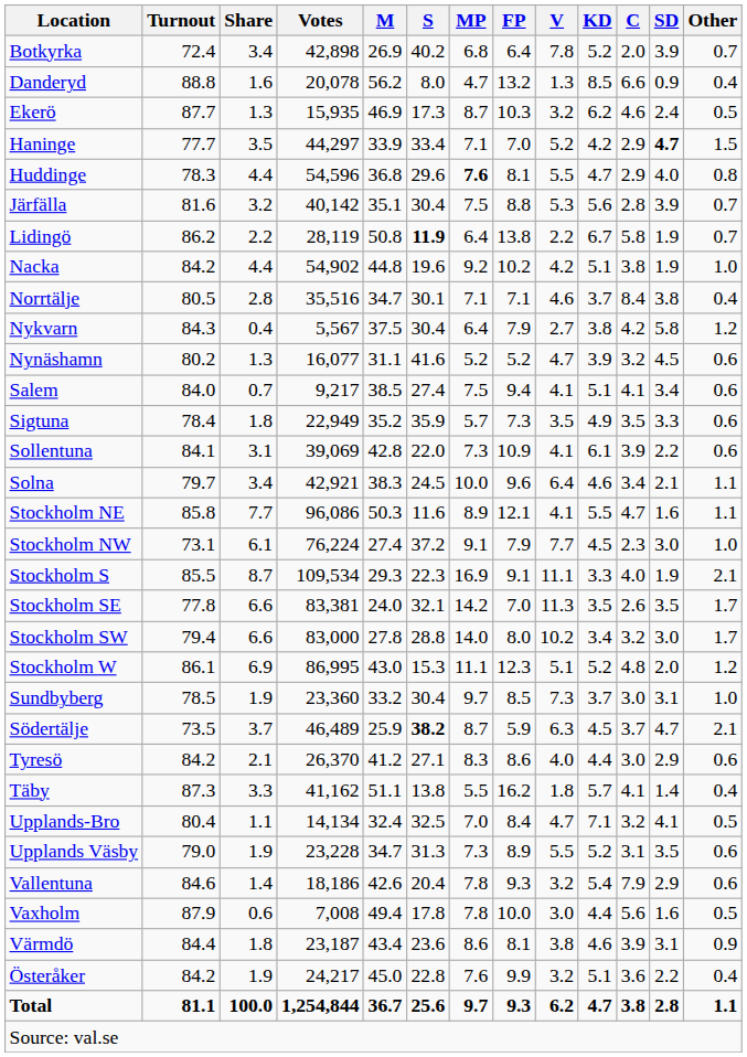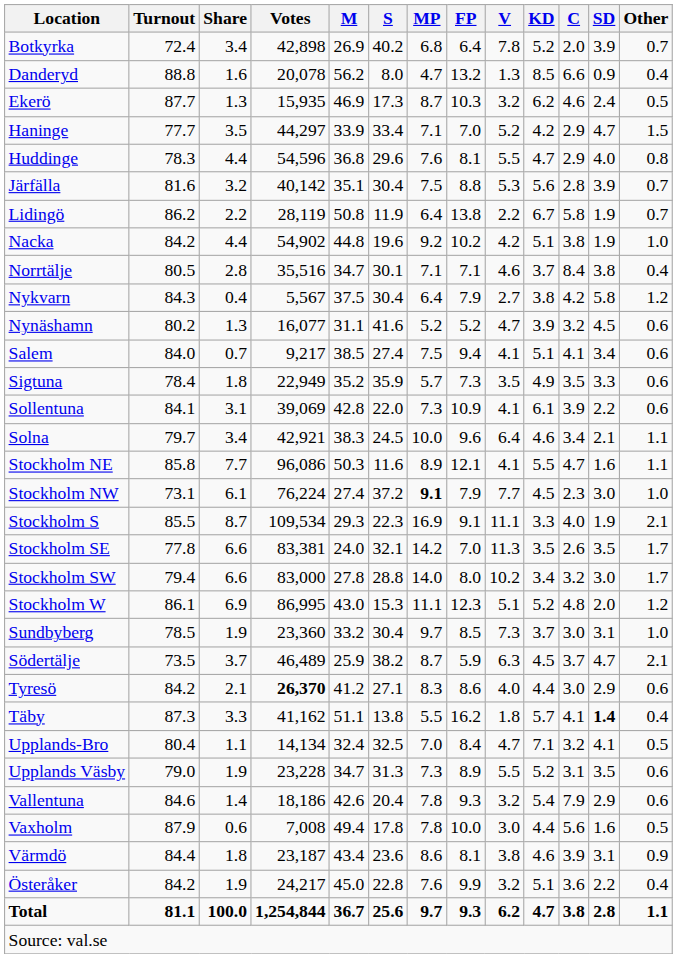 <table class="wikitable sortable" style=text-align:right>
 <tr>
 <th>Location</th>
 <th>Turnout</th>
 <th>Share</th>
 <th>Votes</th>
 <th><a href='#'>M</a></th>
 <th><a href='#'>S</a></th>
 <th><a href='#'>MP</a></th>
 <th><a href='#'>FP</a></th>
 <th><a href='#'>V</a></th>
 <th><a href='#'>KD</a></th>
 <th><a href='#'>C</a></th>
 <th><a href='#'>SD</a></th>
 <th>Other</th>
 </tr>
 <tr>
 <td align=left><a href='#'>Botkyrka</a></td>
 <td>72.4</td>
 <td>3.4</td>
 <td>42,898</td>
 <td>26.9</td>
 <td>40.2</td>
 <td>6.8</td>
 <td>6.4</td>
 <td>7.8</td>
 <td>5.2</td>
 <td>2.0</td>
 <td>3.9</td>
 <td>0.7</td>
 </tr>
 <tr>
 <td align=left><a href='#'>Danderyd</a></td>
 <td>88.8</td>
 <td>1.6</td>
 <td>20,078</td>
 <td>56.2</td>
 <td>8.0</td>
 <td>4.7</td>
 <td>13.2</td>
 <td>1.3</td>
 <td>8.5</td>
 <td>6.6</td>
 <td>0.9</td>
 <td>0.4</td>
 </tr>
 <tr>
 <td align=left><a href='#'>Ekerö</a></td>
 <td>87.7</td>
 <td>1.3</td>
 <td>15,935</td>
 <td>46.9</td>
 <td>17.3</td>
 <td>8.7</td>
 <td>10.3</td>
 <td>3.2</td>
 <td>6.2</td>
 <td>4.6</td>
 <td>2.4</td>
 <td>0.5</td>
 </tr>
 <tr>
 <td align=left><a href='#'>Haninge</a></td>
 <td>77.7</td>
 <td>3.5</td>
 <td>44,297</td>
 <td>33.9</td>
 <td>33.4</td>
 <td>7.1</td>
 <td>7.0</td>
 <td>5.2</td>
 <td>4.2</td>
 <td>2.9</td>
-<td><strong>4.7</strong></td>
+<td>4.7</td>
 <td>1.5</td>
 </tr>
 <tr>
 <td align=left><a href='#'>Huddinge</a></td>
 <td>78.3</td>
 <td>4.4</td>
 <td>54,596</td>
 <td>36.8</td>
 <td>29.6</td>
-<td><strong>7.6</strong></td>
+<td>7.6</td>
 <td>8.1</td>
 <td>5.5</td>
 <td>4.7</td>
 <td>2.9</td>
 <td>4.0</td>
 <td>0.8</td>
 </tr>
 <tr>
 <td align=left><a href='#'>Järfälla</a></td>
 <td>81.6</td>
 <td>3.2</td>
 <td>40,142</td>
 <td>35.1</td>
 <td>30.4</td>
 <td>7.5</td>
 <td>8.8</td>
 <td>5.3</td>
 <td>5.6</td>
 <td>2.8</td>
 <td>3.9</td>
 <td>0.7</td>
 </tr>
 <tr>
 <td align=left><a href='#'>Lidingö</a></td>
 <td>86.2</td>
 <td>2.2</td>
 <td>28,119</td>
 <td>50.8</td>
-<td><strong>11.9</strong></td>
+<td>11.9</td>
 <td>6.4</td>
 <td>13.8</td>
 <td>2.2</td>
 <td>6.7</td>
 <td>5.8</td>
 <td>1.9</td>
 <td>0.7</td>
 </tr>
 <tr>
 <td align=left><a href='#'>Nacka</a></td>
 <td>84.2</td>
 <td>4.4</td>
 <td>54,902</td>
 <td>44.8</td>
 <td>19.6</td>
 <td>9.2</td>
 <td>10.2</td>
 <td>4.2</td>
 <td>5.1</td>
 <td>3.8</td>
 <td>1.9</td>
 <td>1.0</td>
 </tr>
 <tr>
 <td align=left><a href='#'>Norrtälje</a></td>
 <td>80.5</td>
 <td>2.8</td>
 <td>35,516</td>
 <td>34.7</td>
 <td>30.1</td>
 <td>7.1</td>
 <td>7.1</td>
 <td>4.6</td>
 <td>3.7</td>
 <td>8.4</td>
 <td>3.8</td>
 <td>0.4</td>
 </tr>
 <tr>
 <td align=left><a href='#'>Nykvarn</a></td>
 <td>84.3</td>
 <td>0.4</td>
 <td>5,567</td>
 <td>37.5</td>
 <td>30.4</td>
 <td>6.4</td>
 <td>7.9</td>
 <td>2.7</td>
 <td>3.8</td>
 <td>4.2</td>
 <td>5.8</td>
 <td>1.2</td>
 </tr>
 <tr>
 <td align=left><a href='#'>Nynäshamn</a></td>
 <td>80.2</td>
 <td>1.3</td>
 <td>16,077</td>
 <td>31.1</td>
 <td>41.6</td>
 <td>5.2</td>
 <td>5.2</td>
 <td>4.7</td>
 <td>3.9</td>
 <td>3.2</td>
 <td>4.5</td>
 <td>0.6</td>
 </tr>
 <tr>
 <td align=left><a href='#'>Salem</a></td>
 <td>84.0</td>
 <td>0.7</td>
 <td>9,217</td>
 <td>38.5</td>
 <td>27.4</td>
 <td>7.5</td>
 <td>9.4</td>
 <td>4.1</td>
 <td>5.1</td>
 <td>4.1</td>
 <td>3.4</td>
 <td>0.6</td>
 </tr>
 <tr>
 <td align=left><a href='#'>Sigtuna</a></td>
 <td>78.4</td>
 <td>1.8</td>
 <td>22,949</td>
 <td>35.2</td>
 <td>35.9</td>
 <td>5.7</td>
 <td>7.3</td>
 <td>3.5</td>
 <td>4.9</td>
 <td>3.5</td>
 <td>3.3</td>
 <td>0.6</td>
 </tr>
 <tr>
 <td align=left><a href='#'>Sollentuna</a></td>
 <td>84.1</td>
 <td>3.1</td>
 <td>39,069</td>
 <td>42.8</td>
 <td>22.0</td>
 <td>7.3</td>
 <td>10.9</td>
 <td>4.1</td>
 <td>6.1</td>
 <td>3.9</td>
 <td>2.2</td>
 <td>0.6</td>
 </tr>
 <tr>
 <td align=left><a href='#'>Solna</a></td>
 <td>79.7</td>
 <td>3.4</td>
 <td>42,921</td>
 <td>38.3</td>
 <td>24.5</td>
 <td>10.0</td>
 <td>9.6</td>
 <td>6.4</td>
 <td>4.6</td>
 <td>3.4</td>
 <td>2.1</td>
 <td>1.1</td>
 </tr>
 <tr>
 <td align=left><a href='#'>Stockholm NE</a></td>
 <td>85.8</td>
 <td>7.7</td>
 <td>96,086</td>
 <td>50.3</td>
 <td>11.6</td>
 <td>8.9</td>
 <td>12.1</td>
 <td>4.1</td>
 <td>5.5</td>
 <td>4.7</td>
 <td>1.6</td>
 <td>1.1</td>
 </tr>
 <tr>
 <td align=left><a href='#'>Stockholm NW</a></td>
 <td>73.1</td>
 <td>6.1</td>
 <td>76,224</td>
 <td>27.4</td>
 <td>37.2</td>
-<td>9.1</td>
+<td><strong>9.1</strong></td>
 <td>7.9</td>
 <td>7.7</td>
 <td>4.5</td>
 <td>2.3</td>
 <td>3.0</td>
 <td>1.0</td>
 </tr>
 <tr>
 <td align=left><a href='#'>Stockholm S</a></td>
 <td>85.5</td>
 <td>8.7</td>
 <td>109,534</td>
 <td>29.3</td>
 <td>22.3</td>
 <td>16.9</td>
 <td>9.1</td>
 <td>11.1</td>
 <td>3.3</td>
 <td>4.0</td>
 <td>1.9</td>
 <td>2.1</td>
 </tr>
 <tr>
 <td align=left><a href='#'>Stockholm SE</a></td>
 <td>77.8</td>
 <td>6.6</td>
 <td>83,381</td>
 <td>24.0</td>
 <td>32.1</td>
 <td>14.2</td>
 <td>7.0</td>
 <td>11.3</td>
 <td>3.5</td>
 <td>2.6</td>
 <td>3.5</td>
 <td>1.7</td>
 </tr>
 <tr>
 <td align=left><a href='#'>Stockholm SW</a></td>
 <td>79.4</td>
 <td>6.6</td>
 <td>83,000</td>
 <td>27.8</td>
 <td>28.8</td>
 <td>14.0</td>
 <td>8.0</td>
 <td>10.2</td>
 <td>3.4</td>
 <td>3.2</td>
 <td>3.0</td>
 <td>1.7</td>
 </tr>
 <tr>
 <td align=left><a href='#'>Stockholm W</a></td>
 <td>86.1</td>
 <td>6.9</td>
 <td>86,995</td>
 <td>43.0</td>
 <td>15.3</td>
 <td>11.1</td>
 <td>12.3</td>
 <td>5.1</td>
 <td>5.2</td>
 <td>4.8</td>
 <td>2.0</td>
 <td>1.2</td>
 </tr>
 <tr>
 <td align=left><a href='#'>Sundbyberg</a></td>
 <td>78.5</td>
 <td>1.9</td>
 <td>23,360</td>
 <td>33.2</td>
 <td>30.4</td>
 <td>9.7</td>
 <td>8.5</td>
 <td>7.3</td>
 <td>3.7</td>
 <td>3.0</td>
 <td>3.1</td>
 <td>1.0</td>
 </tr>
 <tr>
 <td align=left><a href='#'>Södertälje</a></td>
 <td>73.5</td>
 <td>3.7</td>
 <td>46,489</td>
 <td>25.9</td>
-<td><strong>38.2</strong></td>
+<td>38.2</td>
 <td>8.7</td>
 <td>5.9</td>
 <td>6.3</td>
 <td>4.5</td>
 <td>3.7</td>
 <td>4.7</td>
 <td>2.1</td>
 </tr>
 <tr>
 <td align=left><a href='#'>Tyresö</a></td>
 <td>84.2</td>
 <td>2.1</td>
-<td>26,370</td>
+<td><strong>26,370</strong></td>
 <td>41.2</td>
 <td>27.1</td>
 <td>8.3</td>
 <td>8.6</td>
 <td>4.0</td>
 <td>4.4</td>
 <td>3.0</td>
 <td>2.9</td>
 <td>0.6</td>
 </tr>
 <tr>
 <td align=left><a href='#'>Täby</a></td>
 <td>87.3</td>
 <td>3.3</td>
 <td>41,162</td>
 <td>51.1</td>
 <td>13.8</td>
 <td>5.5</td>
 <td>16.2</td>
 <td>1.8</td>
 <td>5.7</td>
 <td>4.1</td>
-<td>1.4</td>
+<td><strong>1.4</strong></td>
 <td>0.4</td>
 </tr>
 <tr>
 <td align=left><a href='#'>Upplands-Bro</a></td>
 <td>80.4</td>
 <td>1.1</td>
 <td>14,134</td>
 <td>32.4</td>
 <td>32.5</td>
 <td>7.0</td>
 <td>8.4</td>
 <td>4.7</td>
 <td>7.1</td>
 <td>3.2</td>
 <td>4.1</td>
 <td>0.5</td>
 </tr>
 <tr>
 <td align=left><a href='#'>Upplands Väsby</a></td>
 <td>79.0</td>
 <td>1.9</td>
 <td>23,228</td>
 <td>34.7</td>
 <td>31.3</td>
 <td>7.3</td>
 <td>8.9</td>
 <td>5.5</td>
 <td>5.2</td>
 <td>3.1</td>
 <td>3.5</td>
 <td>0.6</td>
 </tr>
 <tr>
 <td align=left><a href='#'>Vallentuna</a></td>
 <td>84.6</td>
 <td>1.4</td>
 <td>18,186</td>
 <td>42.6</td>
 <td>20.4</td>
 <td>7.8</td>
 <td>9.3</td>
 <td>3.2</td>
 <td>5.4</td>
 <td>7.9</td>
 <td>2.9</td>
 <td>0.6</td>
 </tr>
 <tr>
 <td align=left><a href='#'>Vaxholm</a></td>
 <td>87.9</td>
 <td>0.6</td>
 <td>7,008</td>
 <td>49.4</td>
 <td>17.8</td>
 <td>7.8</td>
 <td>10.0</td>
 <td>3.0</td>
 <td>4.4</td>
 <td>5.6</td>
 <td>1.6</td>
 <td>0.5</td>
 </tr>
 <tr>
 <td align=left><a href='#'>Värmdö</a></td>
 <td>84.4</td>
 <td>1.8</td>
 <td>23,187</td>
 <td>43.4</td>
 <td>23.6</td>
 <td>8.6</td>
 <td>8.1</td>
 <td>3.8</td>
 <td>4.6</td>
 <td>3.9</td>
 <td>3.1</td>
 <td>0.9</td>
 </tr>
 <tr>
 <td align=left><a href='#'>Österåker</a></td>
 <td>84.2</td>
 <td>1.9</td>
 <td>24,217</td>
 <td>45.0</td>
 <td>22.8</td>
 <td>7.6</td>
 <td>9.9</td>
 <td>3.2</td>
 <td>5.1</td>
 <td>3.6</td>
 <td>2.2</td>
 <td>0.4</td>
 </tr>
 <tr>
 <td align=left><strong>Total</strong></td>
 <td><strong>81.1</strong></td>
 <td><strong>100.0</strong></td>
 <td><strong>1,254,844</strong></td>
 <td><strong>36.7</strong></td>
 <td><strong>25.6</strong></td>
 <td><strong>9.7</strong></td>
 <td><strong>9.3</strong></td>
 <td><strong>6.2</strong></td>
 <td><strong>4.7</strong></td>
 <td><strong>3.8</strong></td>
 <td><strong>2.8</strong></td>
 <td><strong>1.1</strong></td>
 </tr>
 <tr>
 <td align=left colspan=13>Source: val.se</td>
 </tr>
 </table>
